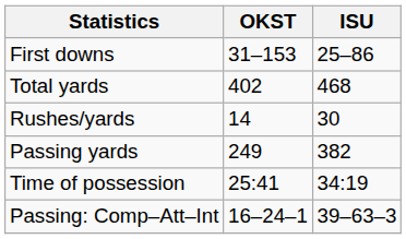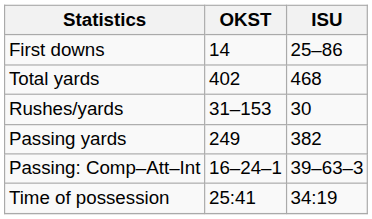 <table class="wikitable" style="float: left;">
 <tr>
 <th>Statistics</th>
 <th>OKST</th>
 <th>ISU</th>
 </tr>
 <tr>
 <td>First downs</td>
-<td>31–153</td>
+<td>14</td>
 <td>25–86</td>
 </tr>
 <tr>
 <td>Total yards</td>
 <td>402</td>
 <td>468</td>
 </tr>
 <tr>
 <td>Rushes/yards</td>
-<td>14</td>
+<td>31–153</td>
 <td>30</td>
 </tr>
 <tr>
 <td>Passing yards</td>
 <td>249</td>
 <td>382</td>
 </tr>
 <tr>
+<td>Passing: Comp–Att–Int</td>
+<td>16–24–1</td>
+<td>39–63–3</td>
+</tr>
+<tr>
 <td>Time of possession</td>
 <td>25:41</td>
 <td>34:19</td>
 </tr>
 <tr>
-<td>Passing: Comp–Att–Int</td>
-<td>16–24–1</td>
-<td>39–63–3</td>
-</tr>
-<tr>
 </tr>
 </table>
